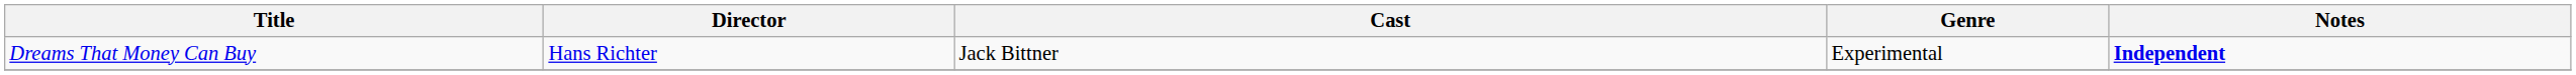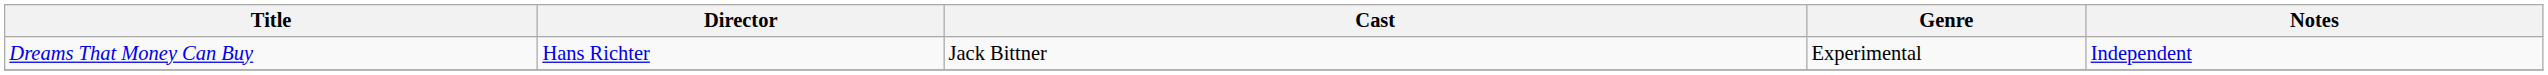 <table class="wikitable" style="width:100%;">
 <tr>
 <th style="width:21%;">Title</th>
 <th style="width:16%;">Director</th>
 <th style="width:34%;">Cast</th>
 <th style="width:11%;">Genre</th>
 <th style="width:18%;">Notes</th>
 </tr>
 <tr>
 <td><em><a href='#'>Dreams That Money Can Buy</a></em></td>
 <td><a href='#'>Hans Richter</a></td>
 <td>Jack Bittner</td>
 <td>Experimental</td>
-<td><strong><a href='#'>Independent</a></strong></td>
+<td><a href='#'>Independent</a></td>
 </tr>
 <tr>
 </tr>
 </table>
